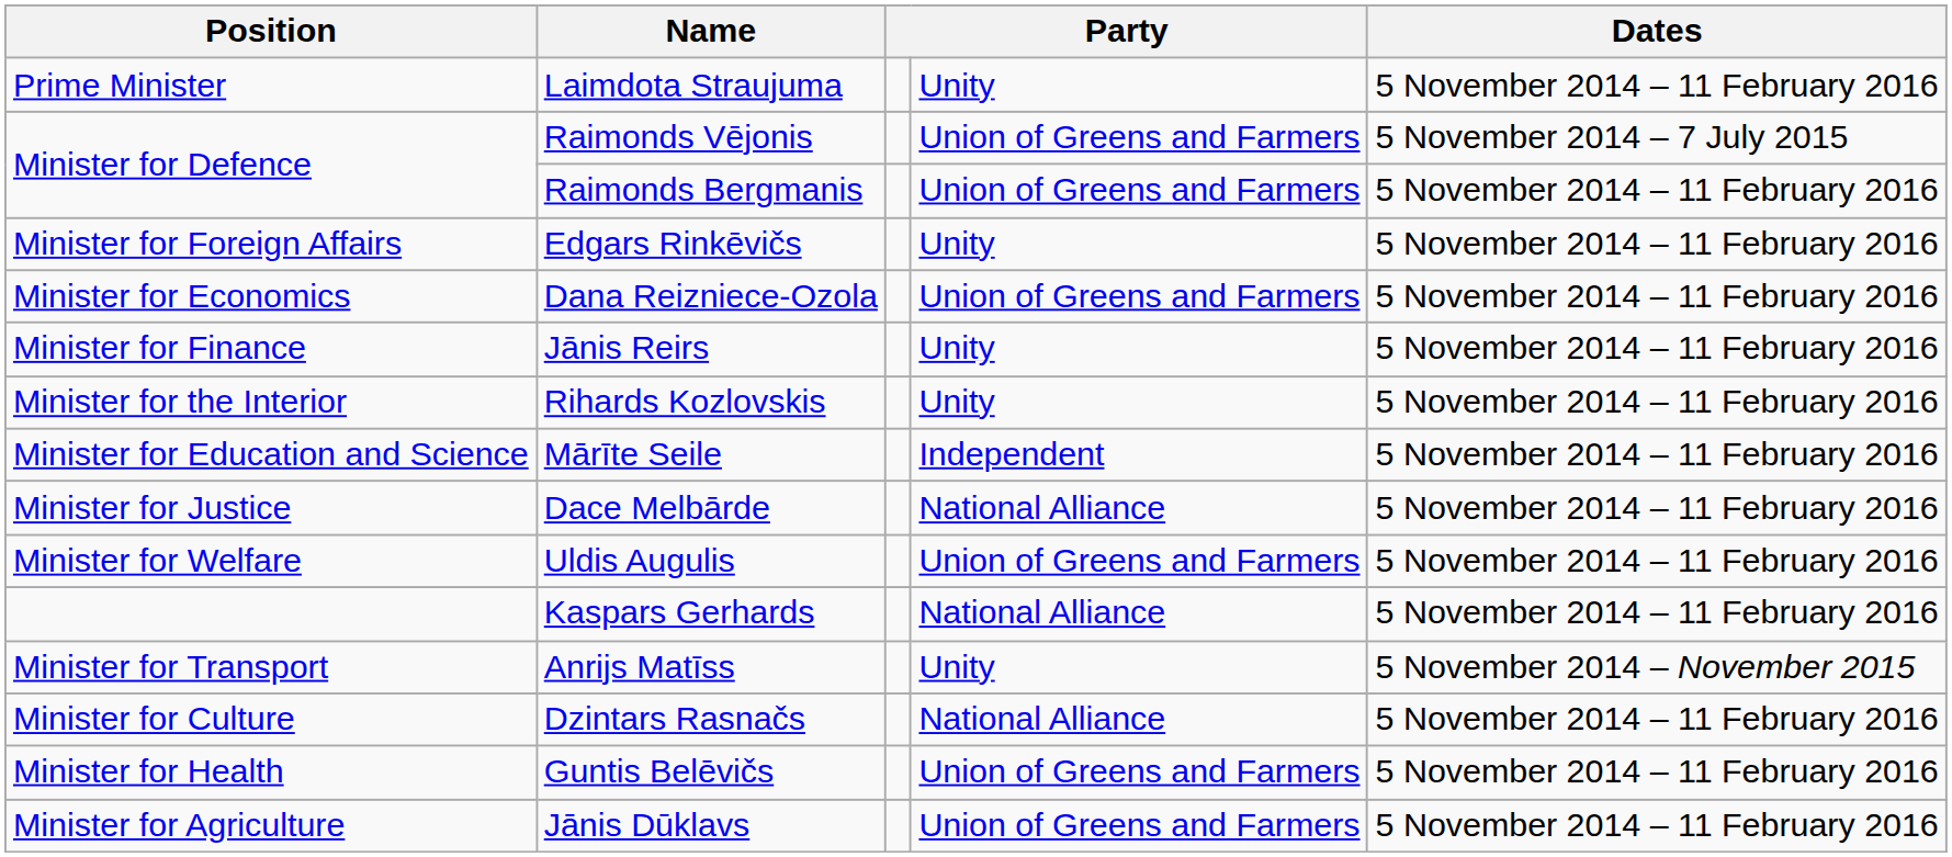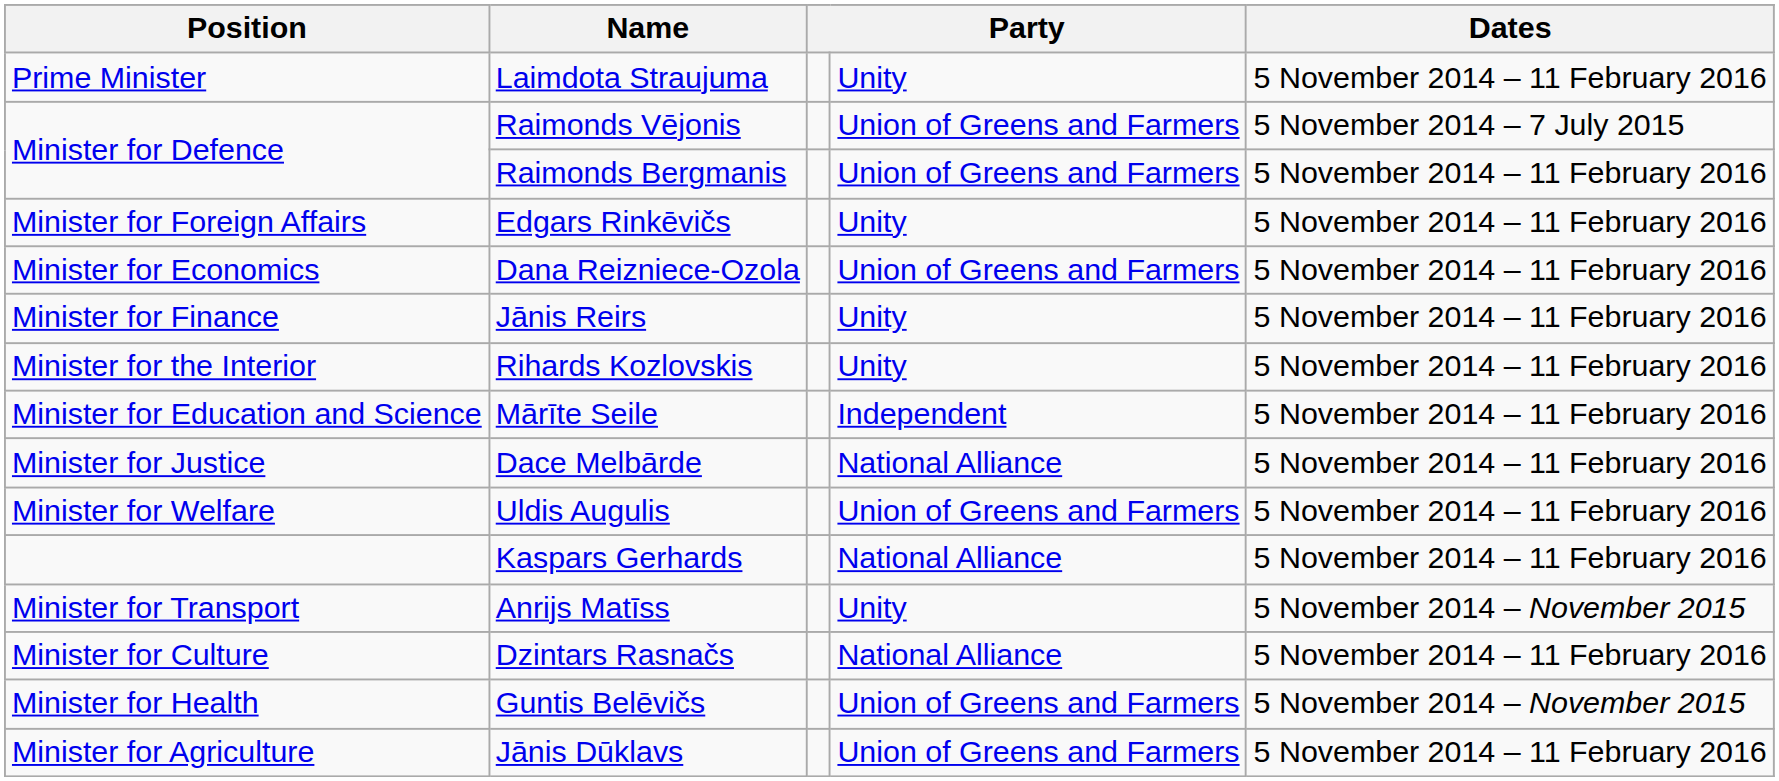 <table class="wikitable">
 <tr>
 <th>Position</th>
 <th>Name</th>
 <th colspan=2>Party</th>
 <th>Dates</th>
 </tr>
 <tr>
 <td><a href='#'>Prime Minister</a></td>
 <td><a href='#'>Laimdota Straujuma</a></td>
 <td width=5px style="background-color: "></td>
 <td><a href='#'>Unity</a></td>
 <td>5 November 2014 – 11 February 2016</td>
 </tr>
 <tr>
 <td rowspan="2"><a href='#'>Minister for Defence</a></td>
 <td><a href='#'>Raimonds Vējonis</a></td>
 <td style="background-color: "></td>
 <td><a href='#'>Union of Greens and Farmers</a></td>
 <td>5 November 2014 – 7 July 2015</td>
 </tr>
 <tr>
 <td><a href='#'>Raimonds Bergmanis</a></td>
 <td style="background-color: "></td>
 <td><a href='#'>Union of Greens and Farmers</a></td>
 <td>5 November 2014 – 11 February 2016</td>
 </tr>
 <tr>
 <td><a href='#'>Minister for Foreign Affairs</a></td>
 <td><a href='#'>Edgars Rinkēvičs</a></td>
 <td style="background-color: "></td>
 <td><a href='#'>Unity</a></td>
 <td>5 November 2014 – 11 February 2016</td>
 </tr>
 <tr>
 <td><a href='#'>Minister for Economics</a></td>
 <td><a href='#'>Dana Reizniece-Ozola</a></td>
 <td style="background-color: "></td>
 <td><a href='#'>Union of Greens and Farmers</a></td>
 <td>5 November 2014 – 11 February 2016</td>
 </tr>
 <tr>
 <td><a href='#'>Minister for Finance</a></td>
 <td><a href='#'>Jānis Reirs</a></td>
 <td style="background-color: "></td>
 <td><a href='#'>Unity</a></td>
 <td>5 November 2014 – 11 February 2016</td>
 </tr>
 <tr>
 <td><a href='#'>Minister for the Interior</a></td>
 <td><a href='#'>Rihards Kozlovskis</a></td>
 <td style="background-color: "></td>
 <td><a href='#'>Unity</a></td>
 <td>5 November 2014 – 11 February 2016</td>
 </tr>
 <tr>
 <td><a href='#'>Minister for Education and Science</a></td>
 <td><a href='#'>Mārīte Seile</a></td>
 <td style="background-color: "></td>
 <td><a href='#'>Independent</a></td>
 <td>5 November 2014 – 11 February 2016</td>
 </tr>
 <tr>
 <td><a href='#'>Minister for Justice</a></td>
 <td><a href='#'>Dace Melbārde</a></td>
 <td style="background-color: "></td>
 <td><a href='#'>National Alliance</a></td>
 <td>5 November 2014 – 11 February 2016</td>
 </tr>
 <tr>
 <td><a href='#'>Minister for Welfare</a></td>
 <td><a href='#'>Uldis Augulis</a></td>
 <td style="background-color: "></td>
 <td><a href='#'>Union of Greens and Farmers</a></td>
 <td>5 November 2014 – 11 February 2016</td>
 </tr>
 <tr>
 <td></td>
 <td><a href='#'>Kaspars Gerhards</a></td>
 <td style="background-color: "></td>
 <td><a href='#'>National Alliance</a></td>
 <td>5 November 2014 – 11 February 2016</td>
 </tr>
 <tr>
 <td><a href='#'>Minister for Transport</a></td>
 <td><a href='#'>Anrijs Matīss</a></td>
 <td style="background-color: "></td>
 <td><a href='#'>Unity</a></td>
 <td>5 November 2014 – <em>November 2015</em></td>
 </tr>
 <tr>
 <td><a href='#'>Minister for Culture</a></td>
 <td><a href='#'>Dzintars Rasnačs</a></td>
 <td style="background-color: "></td>
 <td><a href='#'>National Alliance</a></td>
 <td>5 November 2014 – 11 February 2016</td>
 </tr>
 <tr>
 <td><a href='#'>Minister for Health</a></td>
 <td><a href='#'>Guntis Belēvičs</a></td>
 <td style="background-color: "></td>
 <td><a href='#'>Union of Greens and Farmers</a></td>
-<td>5 November 2014 – 11 February 2016</td>
+<td>5 November 2014 – <em>November 2015</em></td>
 </tr>
 <tr>
 <td><a href='#'>Minister for Agriculture</a></td>
 <td><a href='#'>Jānis Dūklavs</a></td>
 <td style="background-color: "></td>
 <td><a href='#'>Union of Greens and Farmers</a></td>
 <td>5 November 2014 – 11 February 2016</td>
 </tr>
 </table>
